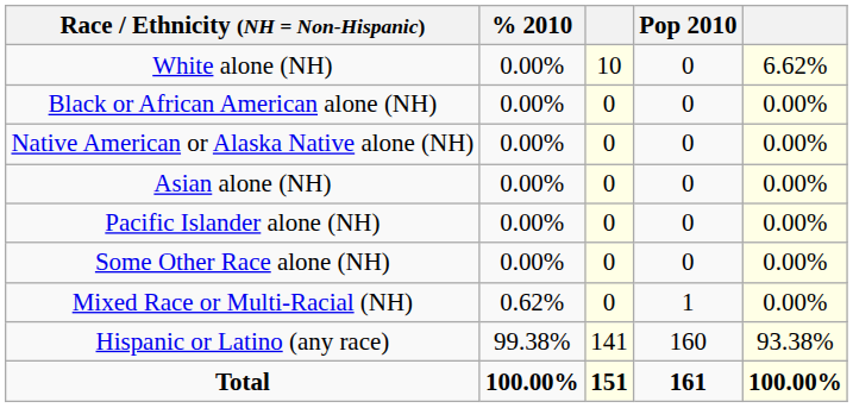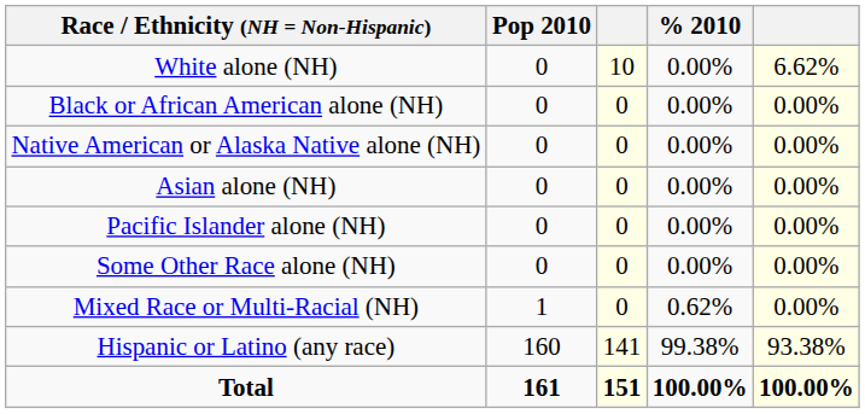 <table class="wikitable" style="text-align:center;">
 <tr>
 <th>Race / Ethnicity <small>(<em>NH = Non-Hispanic</em>)</small></th>
+<th>Pop 2010</th>
+<th></th>
 <th>% 2010</th>
-<th></th>
-<th>Pop 2010</th>
 <th></th>
 </tr>
 <tr>
 <td><a href='#'>White</a> alone (NH)</td>
+<td>0</td>
+<td style='background: #ffffe6;'>10</td>
 <td>0.00%</td>
-<td style='background: #ffffe6;'>10</td>
-<td>0</td>
 <td style='background: #ffffe6;'>6.62%</td>
 </tr>
 <tr>
 <td><a href='#'>Black or African American</a> alone (NH)</td>
+<td>0</td>
+<td style='background: #ffffe6;'>0</td>
 <td>0.00%</td>
-<td style='background: #ffffe6;'>0</td>
-<td>0</td>
 <td style='background: #ffffe6;'>0.00%</td>
 </tr>
 <tr>
 <td><a href='#'>Native American</a> or <a href='#'>Alaska Native</a> alone (NH)</td>
+<td>0</td>
+<td style='background: #ffffe6;'>0</td>
 <td>0.00%</td>
-<td style='background: #ffffe6;'>0</td>
-<td>0</td>
 <td style='background: #ffffe6;'>0.00%</td>
 </tr>
 <tr>
 <td><a href='#'>Asian</a> alone (NH)</td>
+<td>0</td>
+<td style='background: #ffffe6;'>0</td>
 <td>0.00%</td>
-<td style='background: #ffffe6;'>0</td>
-<td>0</td>
 <td style='background: #ffffe6;'>0.00%</td>
 </tr>
 <tr>
 <td><a href='#'>Pacific Islander</a> alone (NH)</td>
+<td>0</td>
+<td style='background: #ffffe6;'>0</td>
 <td>0.00%</td>
-<td style='background: #ffffe6;'>0</td>
-<td>0</td>
 <td style='background: #ffffe6;'>0.00%</td>
 </tr>
 <tr>
 <td><a href='#'>Some Other Race</a> alone (NH)</td>
+<td>0</td>
+<td style='background: #ffffe6;'>0</td>
 <td>0.00%</td>
-<td style='background: #ffffe6;'>0</td>
-<td>0</td>
 <td style='background: #ffffe6;'>0.00%</td>
 </tr>
 <tr>
 <td><a href='#'>Mixed Race or Multi-Racial</a> (NH)</td>
+<td>1</td>
+<td style='background: #ffffe6;'>0</td>
 <td>0.62%</td>
-<td style='background: #ffffe6;'>0</td>
-<td>1</td>
 <td style='background: #ffffe6;'>0.00%</td>
 </tr>
 <tr>
 <td><a href='#'>Hispanic or Latino</a> (any race)</td>
+<td>160</td>
+<td style='background: #ffffe6;'>141</td>
 <td>99.38%</td>
-<td style='background: #ffffe6;'>141</td>
-<td>160</td>
 <td style='background: #ffffe6;'>93.38%</td>
 </tr>
 <tr>
 <td><strong>Total</strong></td>
+<td><strong>161</strong></td>
+<td style='background: #ffffe6;'><strong>151</strong></td>
 <td><strong>100.00%</strong></td>
-<td style='background: #ffffe6;'><strong>151</strong></td>
-<td><strong>161</strong></td>
 <td style='background: #ffffe6;'><strong>100.00%</strong></td>
 </tr>
 </table>
